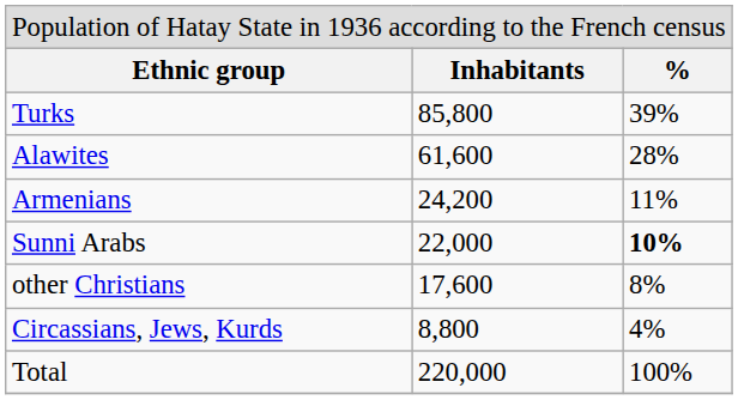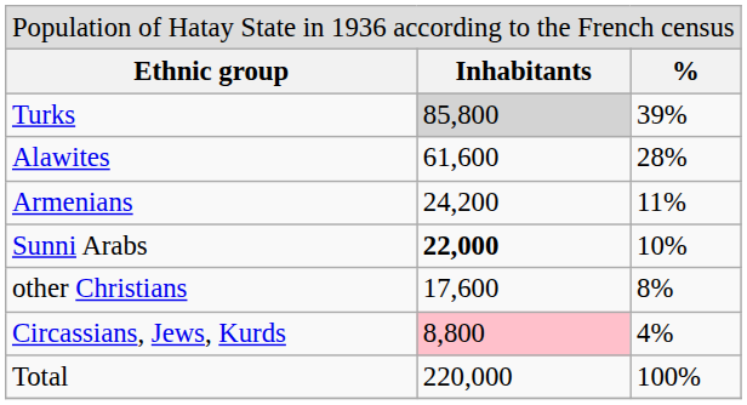 <table class="wikitable sortable">
 <tr bgcolor=#DDDDDD>
 <td colspan=7 align="center">Population of Hatay State in 1936 according to the French census</td>
 </tr>
 <tr bgcolor=#f0f0f0 align="left">
 <th>Ethnic group</th>
 <th>Inhabitants</th>
 <th>%</th>
 </tr>
 <tr>
 <td><a href='#'>Turks</a></td>
-<td>85,800</td>
+<td style="background: lightgrey;">85,800</td>
 <td>39%</td>
 </tr>
 <tr>
 <td><a href='#'>Alawites</a></td>
 <td>61,600</td>
 <td>28%</td>
 </tr>
 <tr>
 <td><a href='#'>Armenians</a></td>
 <td>24,200</td>
 <td>11%</td>
 </tr>
 <tr>
 <td><a href='#'>Sunni</a> Arabs</td>
-<td>22,000</td>
-<td><strong>10%</strong></td>
+<td><strong>22,000</strong></td>
+<td>10%</td>
 </tr>
 <tr>
 <td>other <a href='#'>Christians</a></td>
 <td>17,600</td>
 <td>8%</td>
 </tr>
 <tr>
 <td><a href='#'>Circassians</a>, <a href='#'>Jews</a>, <a href='#'>Kurds</a></td>
-<td>8,800</td>
+<td style="background: pink;">8,800</td>
 <td>4%</td>
 </tr>
 <tr>
 <td>Total</td>
 <td>220,000</td>
 <td>100%</td>
 </tr>
 <tr>
 </tr>
 </table>
